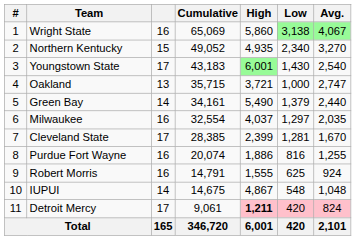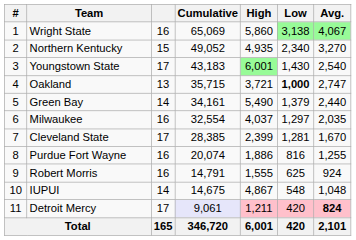 <table class="wikitable sortable" style="text-align:center">
 <tr>
 <th width="25">#</th>
 <th width="170">Team</th>
 <th></th>
 <th width="45">Cumulative</th>
 <th width="45">High</th>
 <th width="45">Low</th>
 <th width="45">Avg.</th>
 </tr>
 <tr>
 <td>1</td>
 <td align="left">Wright State</td>
 <td>16</td>
 <td>65,069</td>
 <td>5,860</td>
 <td bgcolor="#98fb98">3,138</td>
 <td bgcolor="#98fb98">4,067</td>
 </tr>
 <tr>
 <td>2</td>
 <td align="left">Northern Kentucky</td>
 <td>15</td>
 <td>49,052</td>
 <td>4,935</td>
 <td>2,340</td>
 <td>3,270</td>
 </tr>
 <tr>
 <td>3</td>
 <td align="left">Youngstown State</td>
 <td>17</td>
 <td>43,183</td>
 <td bgcolor="#98fb98">6,001</td>
 <td>1,430</td>
 <td>2,540</td>
 </tr>
 <tr>
 <td>4</td>
 <td align="left">Oakland</td>
 <td>13</td>
 <td>35,715</td>
 <td>3,721</td>
-<td>1,000</td>
+<td><strong>1,000</strong></td>
 <td>2,747</td>
 </tr>
 <tr>
 <td>5</td>
 <td align="left">Green Bay</td>
 <td>14</td>
 <td>34,161</td>
 <td>5,490</td>
 <td>1,379</td>
 <td>2,440</td>
 </tr>
 <tr>
 <td>6</td>
 <td align="left">Milwaukee</td>
 <td>16</td>
 <td>32,554</td>
 <td>4,037</td>
 <td>1,297</td>
 <td>2,035</td>
 </tr>
 <tr>
 <td>7</td>
 <td align="left">Cleveland State</td>
 <td>17</td>
 <td>28,385</td>
 <td>2,399</td>
 <td>1,281</td>
 <td>1,670</td>
 </tr>
 <tr>
 <td>8</td>
 <td align="left">Purdue Fort Wayne</td>
 <td>16</td>
 <td>20,074</td>
 <td>1,886</td>
 <td>816</td>
 <td>1,255</td>
 </tr>
 <tr>
 <td>9</td>
 <td align="left">Robert Morris</td>
 <td>16</td>
 <td>14,791</td>
 <td>1,555</td>
 <td>625</td>
 <td>924</td>
 </tr>
 <tr>
 <td>10</td>
 <td align="left">IUPUI</td>
 <td>14</td>
 <td>14,675</td>
 <td>4,867</td>
 <td>548</td>
 <td>1,048</td>
 </tr>
 <tr>
 <td>11</td>
 <td align="left">Detroit Mercy</td>
 <td>17</td>
-<td>9,061</td>
-<td bgcolor="#ffc0cb"><strong>1,211</strong></td>
+<td style="background: lavender;">9,061</td>
+<td bgcolor="#ffc0cb">1,211</td>
 <td bgcolor="#ffc0cb">420</td>
-<td bgcolor="#ffc0cb">824</td>
+<td bgcolor="#ffc0cb"><strong>824</strong></td>
 </tr>
 <tr>
 <th colspan="2">Total</th>
 <th>165</th>
 <th>346,720</th>
 <th>6,001</th>
 <th>420</th>
 <th>2,101</th>
 </tr>
 </table>
